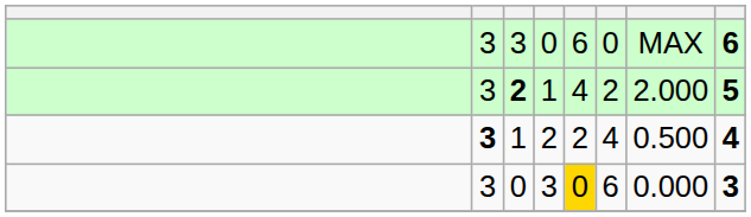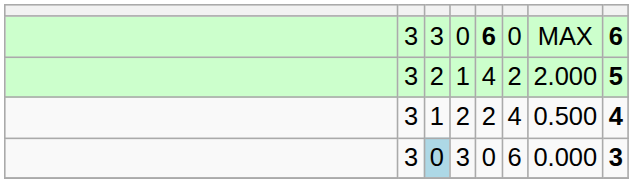 <table class="wikitable" style="text-align:center">
 <tr>
 <th width=240></th>
 <th width=5></th>
 <th width=5></th>
 <th width=5></th>
 <th width=5></th>
 <th width=5></th>
 <th width=5></th>
 <th width=5></th>
 </tr>
 <tr style="background-color:#ccffcc;">
 <td style="text-align:left;"></td>
 <td>3</td>
 <td>3</td>
 <td>0</td>
-<td>6</td>
+<td><strong>6</strong></td>
 <td>0</td>
 <td>MAX</td>
 <td><strong>6</strong></td>
 </tr>
 <tr style="background-color:#ccffcc;">
 <td style="text-align:left;"></td>
 <td>3</td>
-<td><strong>2</strong></td>
+<td>2</td>
 <td>1</td>
 <td>4</td>
 <td>2</td>
 <td>2.000</td>
 <td><strong>5</strong></td>
 </tr>
 <tr>
 <td style="text-align:left;"></td>
-<td><strong>3</strong></td>
+<td>3</td>
 <td>1</td>
 <td>2</td>
 <td>2</td>
 <td>4</td>
 <td>0.500</td>
 <td><strong>4</strong></td>
 </tr>
 <tr>
 <td style="text-align:left;"></td>
 <td>3</td>
+<td style="background: lightblue;">0</td>
+<td>3</td>
 <td>0</td>
-<td>3</td>
-<td style="background: gold;">0</td>
 <td>6</td>
 <td>0.000</td>
 <td><strong>3</strong></td>
 </tr>
 <tr>
 </tr>
 </table>
